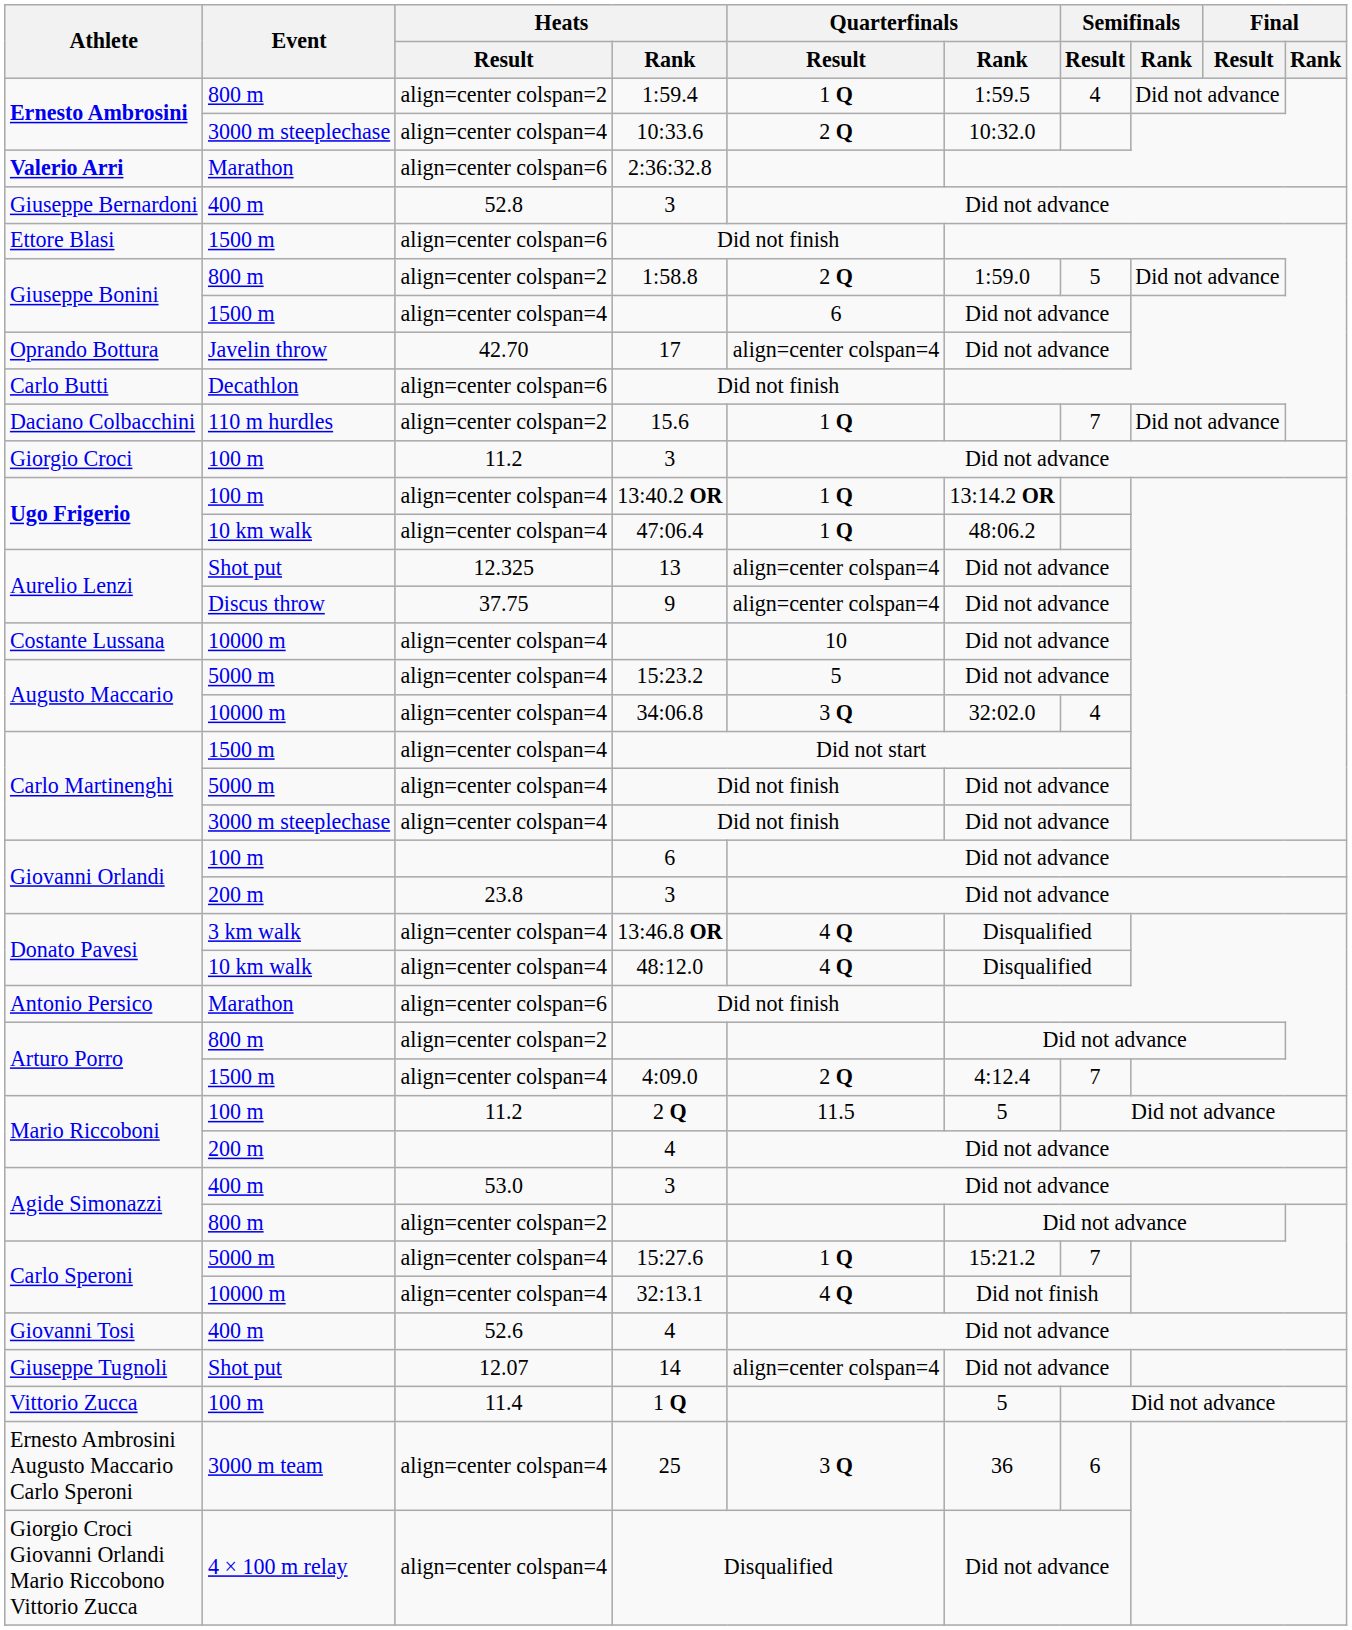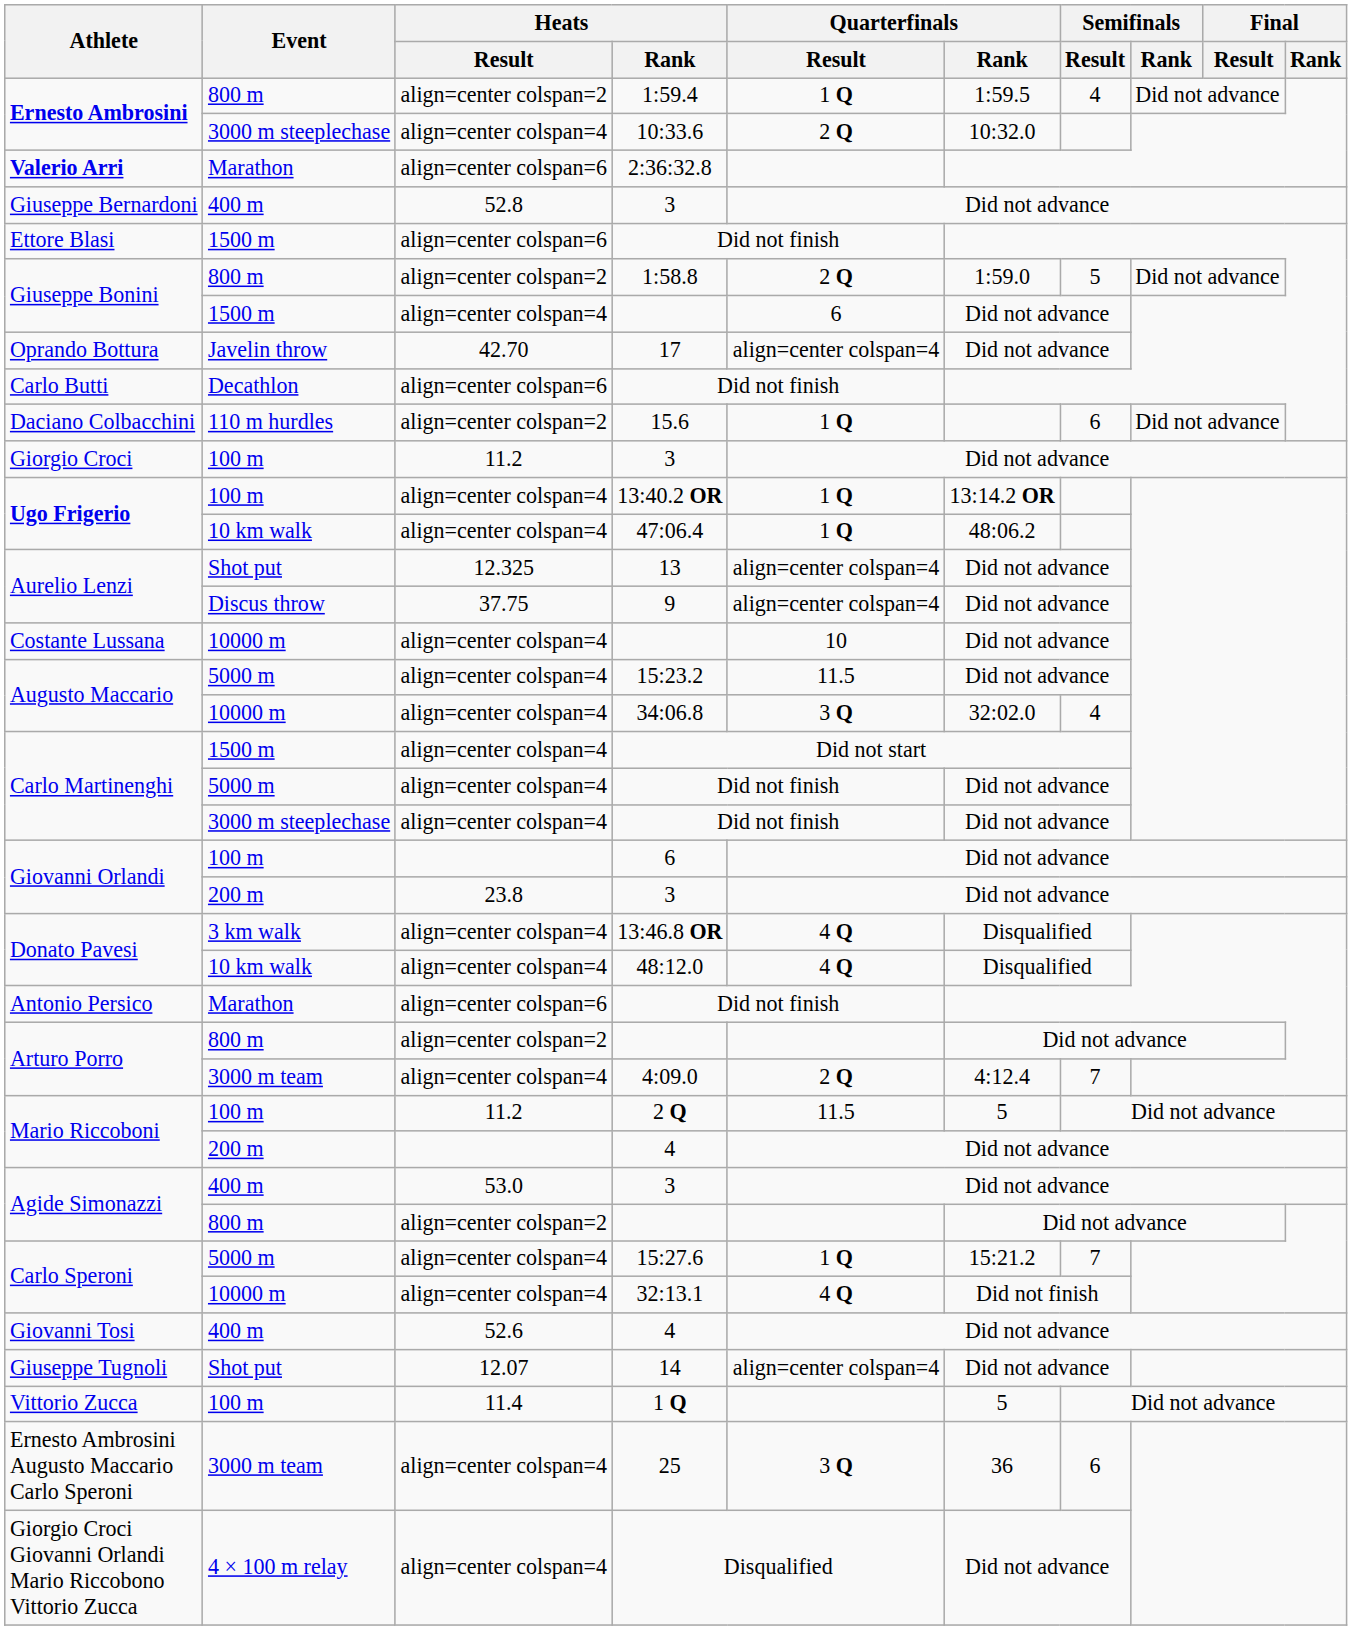 <table class=wikitable style="font-size:90%">
 <tr>
 <th rowspan=2>Athlete</th>
 <th rowspan=2>Event</th>
 <th colspan=2>Heats</th>
 <th colspan=2>Quarterfinals</th>
 <th colspan=2>Semifinals</th>
 <th colspan=2>Final</th>
 </tr>
 <tr>
 <th>Result</th>
 <th>Rank</th>
 <th>Result</th>
 <th>Rank</th>
 <th>Result</th>
 <th>Rank</th>
 <th>Result</th>
 <th>Rank</th>
 </tr>
 <tr>
 <td rowspan=2><strong><a href='#'>Ernesto Ambrosini</a></strong></td>
 <td><a href='#'>800 m</a></td>
 <td>align=center colspan=2 </td>
 <td align=center>1:59.4</td>
 <td align=center>1 <strong>Q</strong></td>
 <td align=center>1:59.5</td>
 <td align=center>4</td>
 <td align=center colspan=2>Did not advance</td>
 </tr>
 <tr>
 <td><a href='#'>3000 m steeplechase</a></td>
 <td>align=center colspan=4 </td>
 <td align=center>10:33.6</td>
 <td align=center>2 <strong>Q</strong></td>
 <td align=center>10:32.0</td>
 <td align=center></td>
 </tr>
 <tr>
 <td><strong><a href='#'>Valerio Arri</a></strong></td>
 <td><a href='#'>Marathon</a></td>
 <td>align=center colspan=6 </td>
 <td align=center>2:36:32.8</td>
 <td align=center></td>
 </tr>
 <tr>
 <td><a href='#'>Giuseppe Bernardoni</a></td>
 <td><a href='#'>400 m</a></td>
 <td align=center>52.8</td>
 <td align=center>3</td>
 <td align=center colspan=6>Did not advance</td>
 </tr>
 <tr>
 <td><a href='#'>Ettore Blasi</a></td>
 <td><a href='#'>1500 m</a></td>
 <td>align=center colspan=6 </td>
 <td align=center colspan=2>Did not finish</td>
 </tr>
 <tr>
 <td rowspan=2><a href='#'>Giuseppe Bonini</a></td>
 <td><a href='#'>800 m</a></td>
 <td>align=center colspan=2 </td>
 <td align=center>1:58.8</td>
 <td align=center>2 <strong>Q</strong></td>
 <td align=center>1:59.0</td>
 <td align=center>5</td>
 <td align=center colspan=2>Did not advance</td>
 </tr>
 <tr>
 <td><a href='#'>1500 m</a></td>
 <td>align=center colspan=4 </td>
 <td align=center></td>
 <td align=center>6</td>
 <td align=center colspan=2>Did not advance</td>
 </tr>
 <tr>
 <td><a href='#'>Oprando Bottura</a></td>
 <td><a href='#'>Javelin throw</a></td>
 <td align=center>42.70</td>
 <td align=center>17</td>
 <td>align=center colspan=4 </td>
 <td align=center colspan=2>Did not advance</td>
 </tr>
 <tr>
 <td><a href='#'>Carlo Butti</a></td>
 <td><a href='#'>Decathlon</a></td>
 <td>align=center colspan=6 </td>
 <td align=center colspan=2>Did not finish</td>
 </tr>
 <tr>
 <td><a href='#'>Daciano Colbacchini</a></td>
 <td><a href='#'>110 m hurdles</a></td>
 <td>align=center colspan=2 </td>
 <td align=center>15.6</td>
 <td align=center>1 <strong>Q</strong></td>
 <td align=center></td>
-<td align=center>7</td>
+<td align=center>6</td>
 <td align=center colspan=2>Did not advance</td>
 </tr>
 <tr>
 <td><a href='#'>Giorgio Croci</a></td>
 <td><a href='#'>100 m</a></td>
 <td align=center>11.2</td>
 <td align=center>3</td>
 <td align=center colspan=6>Did not advance</td>
 </tr>
 <tr>
 <td rowspan=2><strong><a href='#'>Ugo Frigerio</a></strong></td>
 <td><a href='#'>100 m</a></td>
 <td>align=center colspan=4 </td>
 <td align=center>13:40.2 <strong>OR</strong></td>
 <td align=center>1 <strong>Q</strong></td>
 <td align=center>13:14.2 <strong>OR</strong></td>
 <td align=center></td>
 </tr>
 <tr>
 <td><a href='#'>10 km walk</a></td>
 <td>align=center colspan=4 </td>
 <td align=center>47:06.4</td>
 <td align=center>1 <strong>Q</strong></td>
 <td align=center>48:06.2</td>
 <td align=center></td>
 </tr>
 <tr>
 <td rowspan=2><a href='#'>Aurelio Lenzi</a></td>
 <td><a href='#'>Shot put</a></td>
 <td align=center>12.325</td>
 <td align=center>13</td>
 <td>align=center colspan=4 </td>
 <td align=center colspan=2>Did not advance</td>
 </tr>
 <tr>
 <td><a href='#'>Discus throw</a></td>
 <td align=center>37.75</td>
 <td align=center>9</td>
 <td>align=center colspan=4 </td>
 <td align=center colspan=2>Did not advance</td>
 </tr>
 <tr>
 <td><a href='#'>Costante Lussana</a></td>
 <td><a href='#'>10000 m</a></td>
 <td>align=center colspan=4 </td>
 <td align=center></td>
 <td align=center>10</td>
 <td align=center colspan=2>Did not advance</td>
 </tr>
 <tr>
 <td rowspan=2><a href='#'>Augusto Maccario</a></td>
 <td><a href='#'>5000 m</a></td>
 <td>align=center colspan=4 </td>
 <td align=center>15:23.2</td>
-<td align=center>5</td>
+<td align=center>11.5</td>
 <td align=center colspan=2>Did not advance</td>
 </tr>
 <tr>
 <td><a href='#'>10000 m</a></td>
 <td>align=center colspan=4 </td>
 <td align=center>34:06.8</td>
 <td align=center>3 <strong>Q</strong></td>
 <td align=center>32:02.0</td>
 <td align=center>4</td>
 </tr>
 <tr>
 <td rowspan=3><a href='#'>Carlo Martinenghi</a></td>
 <td><a href='#'>1500 m</a></td>
 <td>align=center colspan=4 </td>
 <td colspan="4" align="center">Did not start</td>
 </tr>
 <tr>
 <td><a href='#'>5000 m</a></td>
 <td>align=center colspan=4 </td>
 <td align=center colspan=2>Did not finish</td>
 <td align=center colspan=2>Did not advance</td>
 </tr>
 <tr>
 <td><a href='#'>3000 m steeplechase</a></td>
 <td>align=center colspan=4 </td>
 <td align=center colspan=2>Did not finish</td>
 <td align=center colspan=2>Did not advance</td>
 </tr>
 <tr>
 <td rowspan=2><a href='#'>Giovanni Orlandi</a></td>
 <td><a href='#'>100 m</a></td>
 <td align=center></td>
 <td align=center>6</td>
 <td align=center colspan=6>Did not advance</td>
 </tr>
 <tr>
 <td><a href='#'>200 m</a></td>
 <td align=center>23.8</td>
 <td align=center>3</td>
 <td align=center colspan=6>Did not advance</td>
 </tr>
 <tr>
 <td rowspan=2><a href='#'>Donato Pavesi</a></td>
 <td><a href='#'>3 km walk</a></td>
 <td>align=center colspan=4 </td>
 <td align=center>13:46.8 <strong>OR</strong></td>
 <td align=center>4 <strong>Q</strong></td>
 <td align=center colspan=2>Disqualified</td>
 </tr>
 <tr>
 <td><a href='#'>10 km walk</a></td>
 <td>align=center colspan=4 </td>
 <td align=center>48:12.0</td>
 <td align=center>4 <strong>Q</strong></td>
 <td align=center colspan=2>Disqualified</td>
 </tr>
 <tr>
 <td><a href='#'>Antonio Persico</a></td>
 <td><a href='#'>Marathon</a></td>
 <td>align=center colspan=6 </td>
 <td align=center colspan=2>Did not finish</td>
 </tr>
 <tr>
 <td rowspan=2><a href='#'>Arturo Porro</a></td>
 <td><a href='#'>800 m</a></td>
 <td>align=center colspan=2 </td>
 <td align=center></td>
 <td align=center></td>
 <td align=center colspan=4>Did not advance</td>
 </tr>
 <tr>
-<td><a href='#'>1500 m</a></td>
+<td><a href='#'>3000 m team</a></td>
 <td>align=center colspan=4 </td>
 <td align=center>4:09.0</td>
 <td align=center>2 <strong>Q</strong></td>
 <td align=center>4:12.4</td>
 <td align=center>7</td>
 </tr>
 <tr>
 <td rowspan=2><a href='#'>Mario Riccoboni</a></td>
 <td><a href='#'>100 m</a></td>
 <td align=center>11.2</td>
 <td align=center>2 <strong>Q</strong></td>
 <td align=center>11.5</td>
 <td align=center>5</td>
 <td align=center colspan=4>Did not advance</td>
 </tr>
 <tr>
 <td><a href='#'>200 m</a></td>
 <td align=center></td>
 <td align=center>4</td>
 <td align=center colspan=6>Did not advance</td>
 </tr>
 <tr>
 <td rowspan=2><a href='#'>Agide Simonazzi</a></td>
 <td><a href='#'>400 m</a></td>
 <td align=center>53.0</td>
 <td align=center>3</td>
 <td align=center colspan=6>Did not advance</td>
 </tr>
 <tr>
 <td><a href='#'>800 m</a></td>
 <td>align=center colspan=2 </td>
 <td align=center></td>
 <td align=center></td>
 <td align=center colspan=4>Did not advance</td>
 </tr>
 <tr>
 <td rowspan=2><a href='#'>Carlo Speroni</a></td>
 <td><a href='#'>5000 m</a></td>
 <td>align=center colspan=4 </td>
 <td align=center>15:27.6</td>
 <td align=center>1 <strong>Q</strong></td>
 <td align=center>15:21.2</td>
 <td align=center>7</td>
 </tr>
 <tr>
 <td><a href='#'>10000 m</a></td>
 <td>align=center colspan=4 </td>
 <td align=center>32:13.1</td>
 <td align=center>4 <strong>Q</strong></td>
 <td align=center colspan=2>Did not finish</td>
 </tr>
 <tr>
 <td><a href='#'>Giovanni Tosi</a></td>
 <td><a href='#'>400 m</a></td>
 <td align=center>52.6</td>
 <td align=center>4</td>
 <td align=center colspan=6>Did not advance</td>
 </tr>
 <tr>
 <td><a href='#'>Giuseppe Tugnoli</a></td>
 <td><a href='#'>Shot put</a></td>
 <td align=center>12.07</td>
 <td align=center>14</td>
 <td>align=center colspan=4 </td>
 <td align=center colspan=2>Did not advance</td>
 </tr>
 <tr>
 <td><a href='#'>Vittorio Zucca</a></td>
 <td><a href='#'>100 m</a></td>
 <td align=center>11.4</td>
 <td align=center>1 <strong>Q</strong></td>
 <td align=center></td>
 <td align=center>5</td>
 <td align=center colspan=4>Did not advance</td>
 </tr>
 <tr>
 <td>Ernesto Ambrosini <br> Augusto Maccario <br> Carlo Speroni</td>
 <td><a href='#'>3000 m team</a></td>
 <td>align=center colspan=4 </td>
 <td align=center>25</td>
 <td align=center>3 <strong>Q</strong></td>
 <td align=center>36</td>
 <td align=center>6</td>
 </tr>
 <tr>
 <td>Giorgio Croci <br> Giovanni Orlandi <br> Mario Riccobono <br> Vittorio Zucca</td>
 <td><a href='#'>4 × 100 m relay</a></td>
 <td>align=center colspan=4 </td>
 <td align=center colspan=2>Disqualified</td>
 <td align=center colspan=2>Did not advance</td>
 </tr>
 </table>
